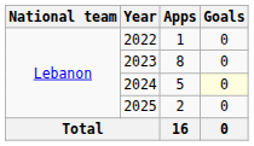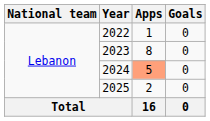 <table class="wikitable" style="text-align:center">
 <tr>
 <th>National team</th>
 <th>Year</th>
 <th>Apps</th>
 <th>Goals</th>
 </tr>
 <tr>
 <td rowspan="4"><a href='#'>Lebanon</a></td>
 <td>2022</td>
 <td>1</td>
 <td>0</td>
 </tr>
 <tr>
 <td>2023</td>
 <td>8</td>
 <td>0</td>
 </tr>
 <tr>
 <td>2024</td>
-<td>5</td>
-<td style="background: lightyellow;">0</td>
+<td style="background: lightsalmon;">5</td>
+<td>0</td>
 </tr>
 <tr>
 <td>2025</td>
 <td>2</td>
 <td>0</td>
 </tr>
 <tr>
 <th colspan="2">Total</th>
 <th>16</th>
 <th>0</th>
 </tr>
 </table>
